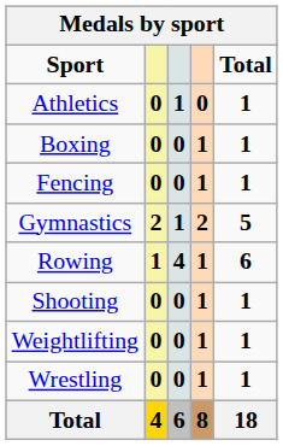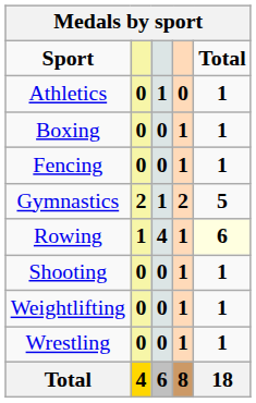 <table class="wikitable" style="font-size:85%; float: right;">
 <tr style="background:#efefef;">
 <th colspan=5><strong>Medals by sport</strong></th>
 </tr>
 <tr align=center>
 <td><strong>Sport</strong></td>
 <td bgcolor=#f7f6a8></td>
 <td bgcolor=#dce5e5></td>
 <td bgcolor=#ffdab9></td>
 <td><strong>Total</strong></td>
 </tr>
 <tr align=center>
 <td><a href='#'>Athletics</a></td>
 <td style="background:#F7F6A8;"><strong>0</strong></td>
 <td style="background:#DCE5E5;"><strong>1</strong></td>
 <td style="background:#FFDAB9;"><strong>0</strong></td>
 <td><strong>1</strong></td>
 </tr>
 <tr align=center>
 <td><a href='#'>Boxing</a></td>
 <td style="background:#F7F6A8;"><strong>0</strong></td>
 <td style="background:#DCE5E5;"><strong>0</strong></td>
 <td style="background:#FFDAB9;"><strong>1</strong></td>
 <td><strong>1</strong></td>
 </tr>
 <tr align=center>
 <td><a href='#'>Fencing</a></td>
 <td style="background:#F7F6A8;"><strong>0</strong></td>
 <td style="background:#DCE5E5;"><strong>0</strong></td>
 <td style="background:#FFDAB9;"><strong>1</strong></td>
 <td><strong>1</strong></td>
 </tr>
 <tr align=center>
 <td><a href='#'>Gymnastics</a></td>
 <td style="background:#F7F6A8;"><strong>2</strong></td>
 <td style="background:#DCE5E5;"><strong>1</strong></td>
 <td style="background:#FFDAB9;"><strong>2</strong></td>
 <td><strong>5</strong></td>
 </tr>
 <tr align=center>
 <td><a href='#'>Rowing</a></td>
 <td style="background:#F7F6A8;"><strong>1</strong></td>
 <td style="background:#DCE5E5;"><strong>4</strong></td>
 <td style="background:#FFDAB9;"><strong>1</strong></td>
-<td><strong>6</strong></td>
+<td style="background: lightyellow;"><strong>6</strong></td>
 </tr>
 <tr align=center>
 <td><a href='#'>Shooting</a></td>
 <td style="background:#F7F6A8;"><strong>0</strong></td>
 <td style="background:#DCE5E5;"><strong>0</strong></td>
 <td style="background:#FFDAB9;"><strong>1</strong></td>
 <td><strong>1</strong></td>
 </tr>
 <tr align=center>
 <td><a href='#'>Weightlifting</a></td>
 <td style="background:#F7F6A8;"><strong>0</strong></td>
 <td style="background:#DCE5E5;"><strong>0</strong></td>
 <td style="background:#FFDAB9;"><strong>1</strong></td>
 <td><strong>1</strong></td>
 </tr>
 <tr align=center>
 <td><a href='#'>Wrestling</a></td>
 <td style="background:#F7F6A8;"><strong>0</strong></td>
 <td style="background:#DCE5E5;"><strong>0</strong></td>
 <td style="background:#FFDAB9;"><strong>1</strong></td>
 <td><strong>1</strong></td>
 </tr>
 <tr align=center>
 <th><strong>Total</strong></th>
 <th style="background:gold;"><strong>4</strong></th>
 <th style="background:silver;"><strong>6</strong></th>
 <th style="background:#c96;"><strong>8</strong></th>
 <th><strong>18</strong></th>
 </tr>
 </table>
